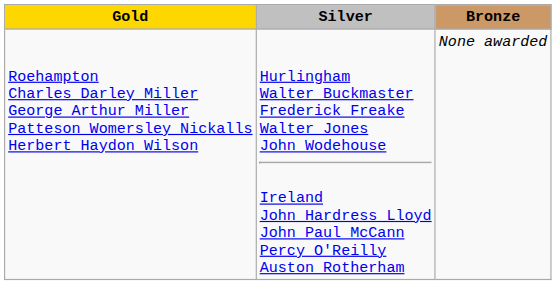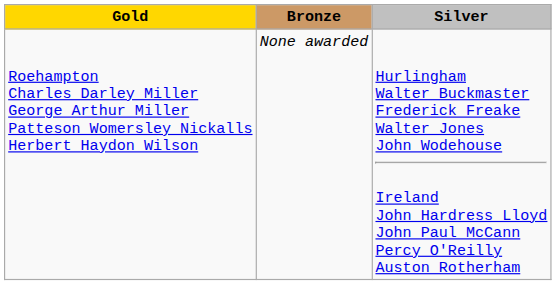 <table class=wikitable>
 <tr>
 <td align=center bgcolor=gold><strong>Gold</strong></td>
+<td align=center bgcolor=cc9966><strong>Bronze</strong></td>
 <td align=center bgcolor=silver><strong>Silver</strong></td>
-<td align=center bgcolor=cc9966><strong>Bronze</strong></td>
 </tr>
 <tr valign="top">
 <td><br><br><a href='#'>Roehampton</a><br> <a href='#'>Charles Darley Miller</a><br> <a href='#'>George Arthur Miller</a><br> <a href='#'>Patteson Womersley Nickalls</a><br> <a href='#'>Herbert Haydon Wilson</a></td>
+<td align=center><em>None awarded</em></td>
 <td><br><br><a href='#'>Hurlingham</a><br> <a href='#'>Walter Buckmaster</a><br> <a href='#'>Frederick Freake</a><br> <a href='#'>Walter Jones</a><br> <a href='#'>John Wodehouse</a> <hr><br> <a href='#'>Ireland</a><br> <a href='#'>John Hardress Lloyd</a><br> <a href='#'>John Paul McCann</a><br> <a href='#'>Percy O'Reilly</a><br> <a href='#'>Auston Rotherham</a></td>
-<td align=center><em>None awarded</em></td>
 </tr>
 </table>
